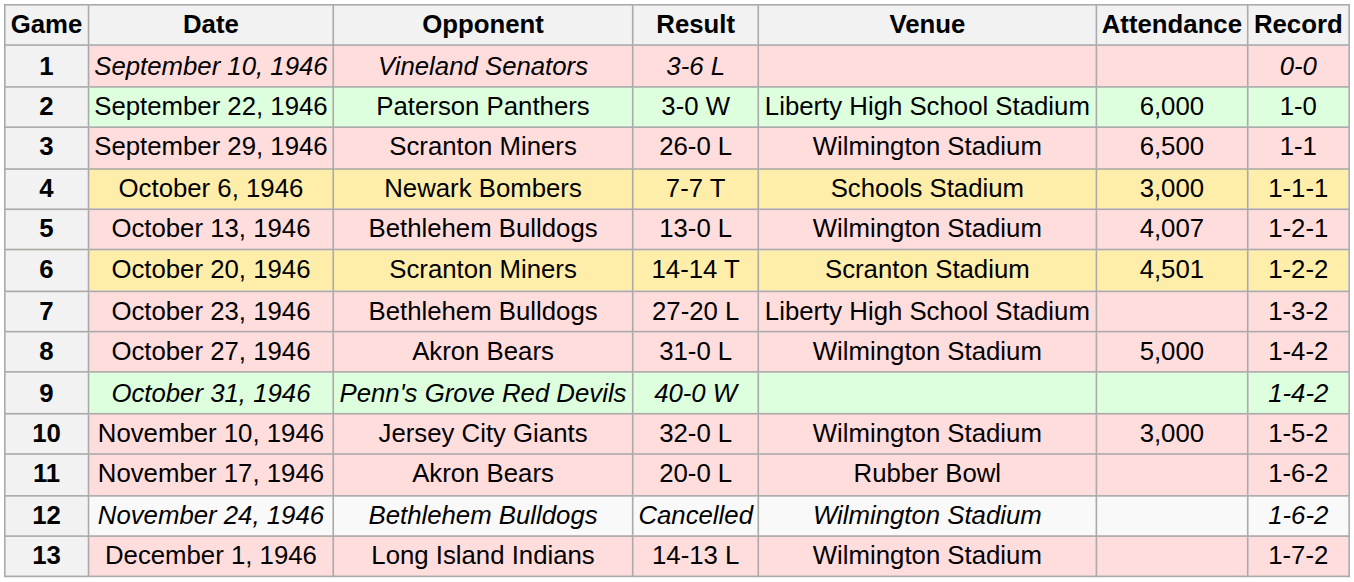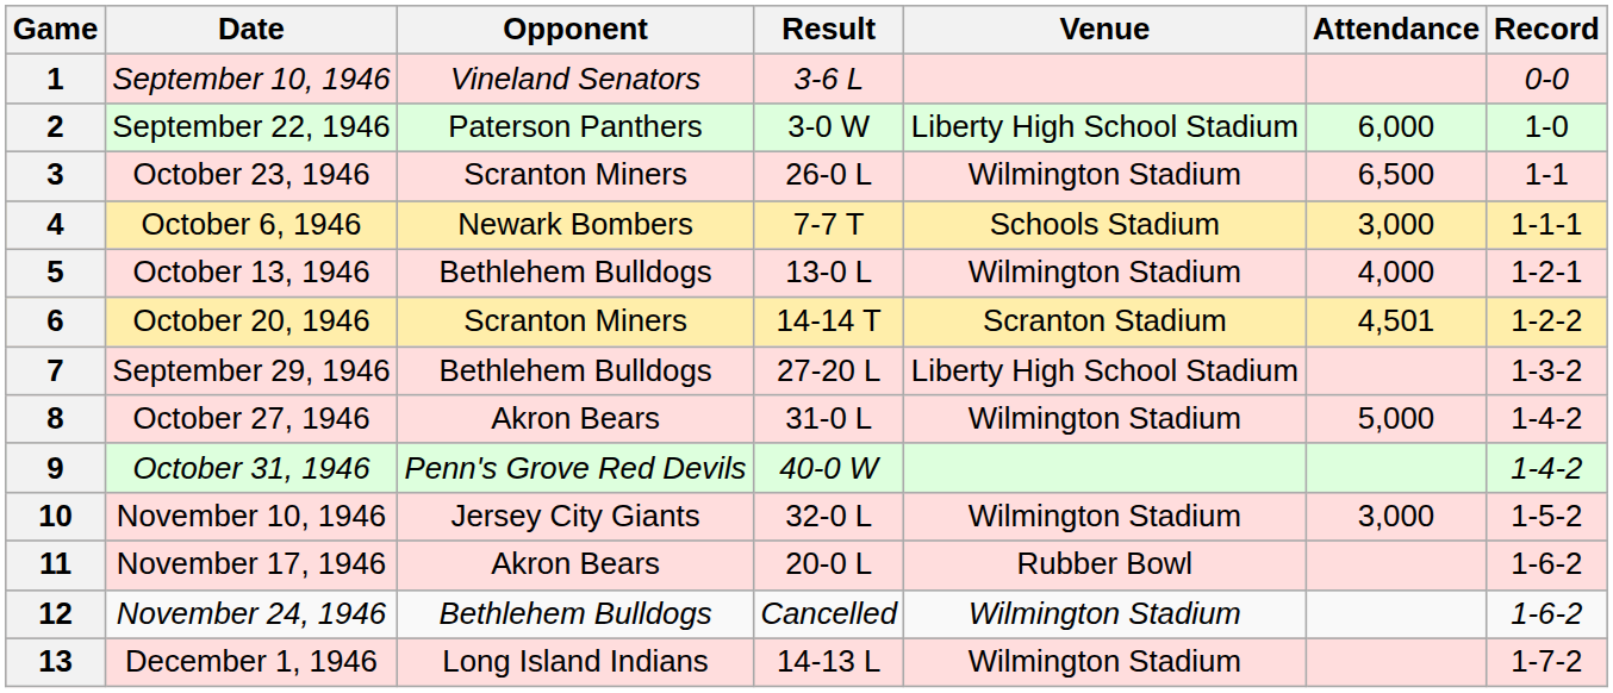 <table class="wikitable" style="text-align:center">
 <tr>
 <th>Game</th>
 <th>Date</th>
 <th>Opponent</th>
 <th>Result</th>
 <th>Venue</th>
 <th>Attendance</th>
 <th>Record</th>
 </tr>
 <tr style="background: #ffdddd;">
 <th scope="row">1</th>
 <td><em>September 10, 1946</em></td>
 <td><em>Vineland Senators</em></td>
 <td><em>3-6 L</em></td>
 <td></td>
 <td></td>
 <td><em>0-0</em></td>
 </tr>
 <tr style="background:#dfd;">
 <th scope="row">2</th>
 <td>September 22, 1946</td>
 <td>Paterson Panthers</td>
 <td>3-0 W</td>
 <td>Liberty High School Stadium</td>
 <td>6,000</td>
 <td>1-0</td>
 </tr>
 <tr style="background: #ffdddd;">
 <th scope="row">3</th>
-<td>September 29, 1946</td>
+<td>October 23, 1946</td>
 <td>Scranton Miners</td>
 <td>26-0 L</td>
 <td>Wilmington Stadium</td>
 <td>6,500</td>
 <td>1-1</td>
 </tr>
 <tr style="background:#fea;">
 <th scope="row">4</th>
 <td>October 6, 1946</td>
 <td>Newark Bombers</td>
 <td>7-7 T</td>
 <td>Schools Stadium</td>
 <td>3,000</td>
 <td>1-1-1</td>
 </tr>
 <tr style="background: #ffdddd;">
 <th scope="row">5</th>
 <td>October 13, 1946</td>
 <td>Bethlehem Bulldogs</td>
 <td>13-0 L</td>
 <td>Wilmington Stadium</td>
-<td>4,007</td>
+<td>4,000</td>
 <td>1-2-1</td>
 </tr>
 <tr style="background:#fea;">
 <th scope="row">6</th>
 <td>October 20, 1946</td>
 <td>Scranton Miners</td>
 <td>14-14 T</td>
 <td>Scranton Stadium</td>
 <td>4,501</td>
 <td>1-2-2</td>
 </tr>
 <tr style="background: #ffdddd;">
 <th scope="row">7</th>
-<td>October 23, 1946</td>
+<td>September 29, 1946</td>
 <td>Bethlehem Bulldogs</td>
 <td>27-20 L</td>
 <td>Liberty High School Stadium</td>
 <td></td>
 <td>1-3-2</td>
 </tr>
 <tr style="background: #ffdddd;">
 <th scope="row">8</th>
 <td>October 27, 1946</td>
 <td>Akron Bears</td>
 <td>31-0 L</td>
 <td>Wilmington Stadium</td>
 <td>5,000</td>
 <td>1-4-2</td>
 </tr>
 <tr style="background:#dfd;">
 <th scope="row">9</th>
 <td><em>October 31, 1946</em></td>
 <td><em>Penn's Grove Red Devils</em></td>
 <td><em>40-0 W</em></td>
 <td></td>
 <td></td>
 <td><em>1-4-2</em></td>
 </tr>
 <tr style="background: #ffdddd;">
 <th scope="row">10</th>
 <td>November 10, 1946</td>
 <td>Jersey City Giants</td>
 <td>32-0 L</td>
 <td>Wilmington Stadium</td>
 <td>3,000</td>
 <td>1-5-2</td>
 </tr>
 <tr style="background: #ffdddd;">
 <th scope="row">11</th>
 <td>November 17, 1946</td>
 <td>Akron Bears</td>
 <td>20-0 L</td>
 <td>Rubber Bowl</td>
 <td></td>
 <td>1-6-2</td>
 </tr>
 <tr style="background:">
 <th scope="row">12</th>
 <td><em>November 24, 1946</em></td>
 <td><em>Bethlehem Bulldogs</em></td>
 <td><em>Cancelled</em></td>
 <td><em>Wilmington Stadium</em></td>
 <td></td>
 <td><em>1-6-2</em></td>
 </tr>
 <tr style="background: #ffdddd;">
 <th scope="row">13</th>
 <td>December 1, 1946</td>
 <td>Long Island Indians</td>
 <td>14-13 L</td>
 <td>Wilmington Stadium</td>
 <td></td>
 <td>1-7-2</td>
 </tr>
 </table>
